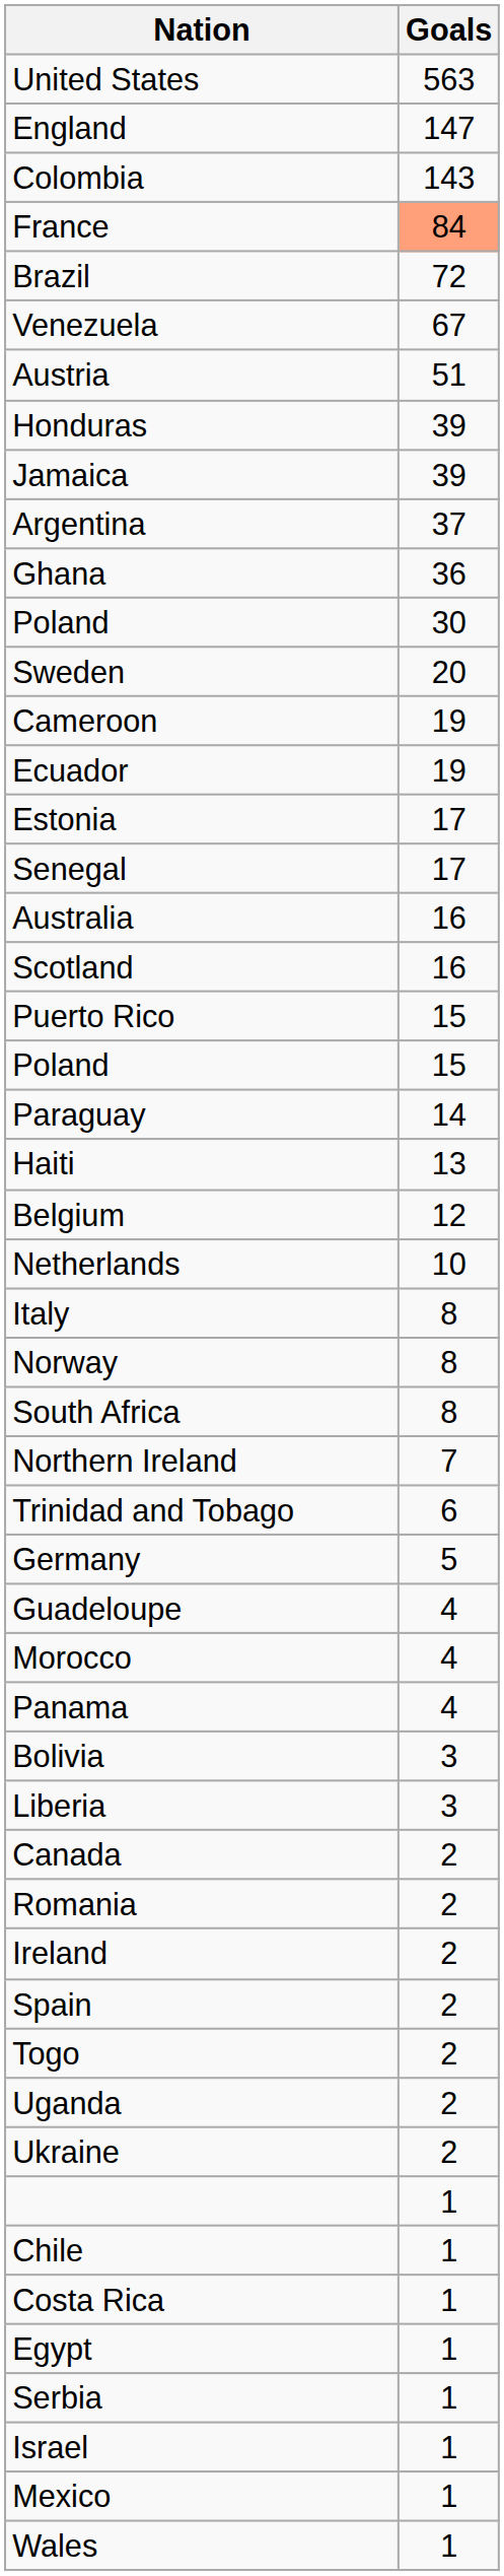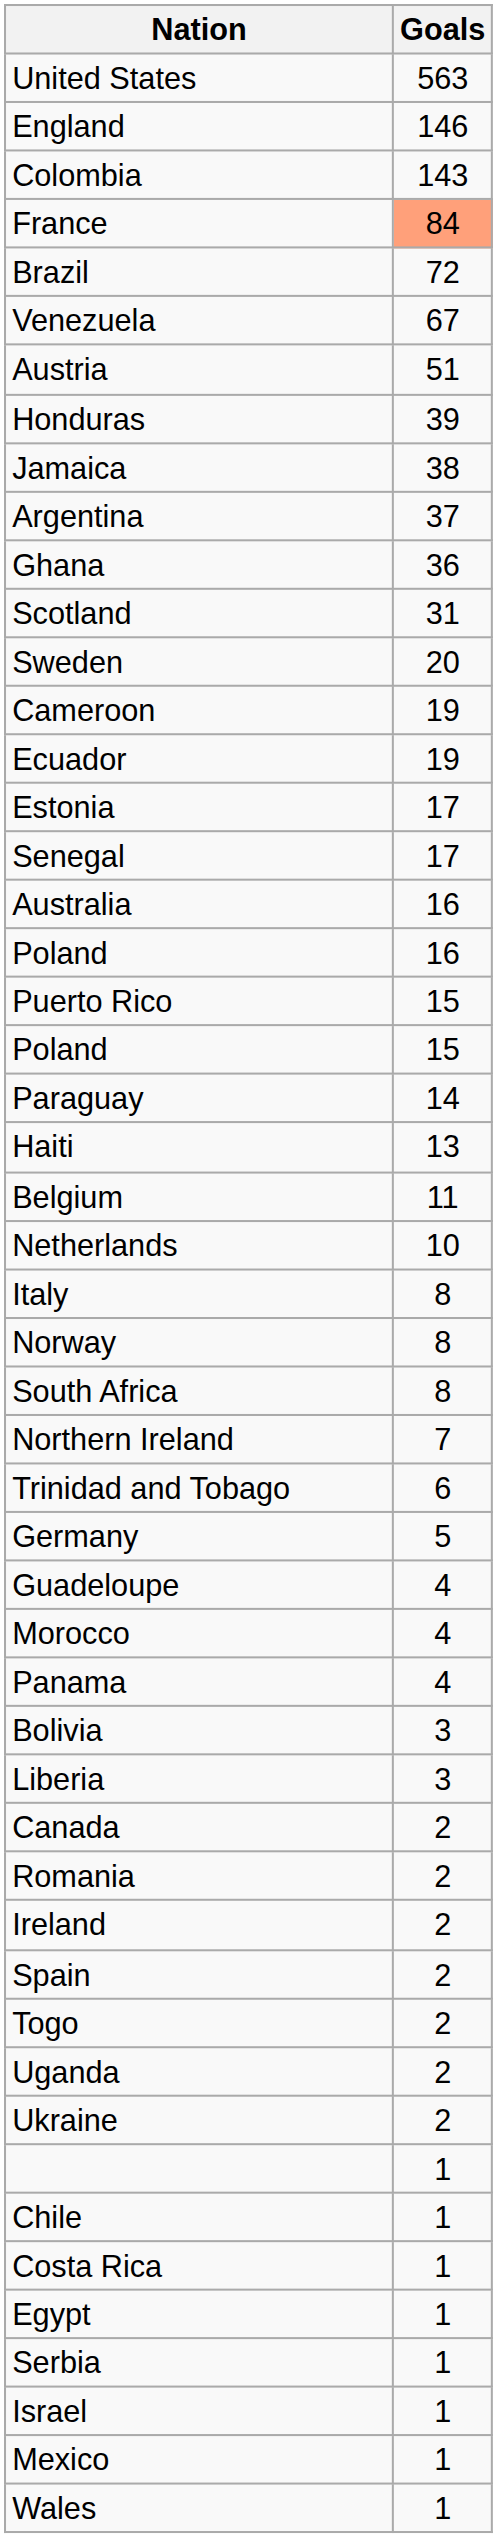 <table class="wikitable sortable" style="font-size: 95%; text-align: center;">
 <tr>
 <th width=185>Nation</th>
 <th width=30>Goals</th>
 </tr>
 <tr>
 <td align="left"> United States</td>
 <td>563</td>
 </tr>
 <tr>
 <td align="left"> England</td>
-<td>147</td>
+<td>146</td>
 </tr>
 <tr>
 <td align="left"> Colombia</td>
 <td>143</td>
 </tr>
 <tr>
 <td align="left"> France</td>
 <td style="background: lightsalmon;">84</td>
 </tr>
 <tr>
 <td align="left"> Brazil</td>
 <td>72</td>
 </tr>
 <tr>
 <td align="left"> Venezuela</td>
 <td>67</td>
 </tr>
 <tr>
 <td align="left"> Austria</td>
 <td>51</td>
 </tr>
 <tr>
 <td align="left"> Honduras</td>
 <td>39</td>
 </tr>
 <tr>
 <td align="left"> Jamaica</td>
-<td>39</td>
+<td>38</td>
 </tr>
 <tr>
 <td align="left"> Argentina</td>
 <td>37</td>
 </tr>
 <tr>
 <td align="left"> Ghana</td>
 <td>36</td>
 </tr>
 <tr>
-<td align="left"> Poland</td>
-<td>30</td>
+<td align="left"> Scotland</td>
+<td>31</td>
 </tr>
 <tr>
 <td align="left"> Sweden</td>
 <td>20</td>
 </tr>
 <tr>
 <td align="left"> Cameroon</td>
 <td>19</td>
 </tr>
 <tr>
 <td align="left"> Ecuador</td>
 <td>19</td>
 </tr>
 <tr>
 <td align="left"> Estonia</td>
 <td>17</td>
 </tr>
 <tr>
 <td align="left"> Senegal</td>
 <td>17</td>
 </tr>
 <tr>
 <td align="left"> Australia</td>
 <td>16</td>
 </tr>
 <tr>
-<td align="left"> Scotland</td>
+<td align="left"> Poland</td>
 <td>16</td>
 </tr>
 <tr>
 <td align="left"> Puerto Rico</td>
 <td>15</td>
 </tr>
 <tr>
 <td align="left"> Poland</td>
 <td>15</td>
 </tr>
 <tr>
 <td align="left"> Paraguay</td>
 <td>14</td>
 </tr>
 <tr>
 <td align="left"> Haiti</td>
 <td>13</td>
 </tr>
 <tr>
 <td align="left"> Belgium</td>
-<td>12</td>
+<td>11</td>
 </tr>
 <tr>
 <td align="left"> Netherlands</td>
 <td>10</td>
 </tr>
 <tr>
 <td align="left"> Italy</td>
 <td>8</td>
 </tr>
 <tr>
 <td align="left"> Norway</td>
 <td>8</td>
 </tr>
 <tr>
 <td align="left"> South Africa</td>
 <td>8</td>
 </tr>
 <tr>
 <td align="left"> Northern Ireland</td>
 <td>7</td>
 </tr>
 <tr>
 <td align="left"> Trinidad and Tobago</td>
 <td>6</td>
 </tr>
 <tr>
 <td align="left"> Germany</td>
 <td>5</td>
 </tr>
 <tr>
 <td align="left"> Guadeloupe</td>
 <td>4</td>
 </tr>
 <tr>
 <td align="left"> Morocco</td>
 <td>4</td>
 </tr>
 <tr>
 <td align="left"> Panama</td>
 <td>4</td>
 </tr>
 <tr>
 <td align="left"> Bolivia</td>
 <td>3</td>
 </tr>
 <tr>
 <td align="left"> Liberia</td>
 <td>3</td>
 </tr>
 <tr>
 <td align="left"> Canada</td>
 <td>2</td>
 </tr>
 <tr>
 <td align="left"> Romania</td>
 <td>2</td>
 </tr>
 <tr>
 <td align="left"> Ireland</td>
 <td>2</td>
 </tr>
 <tr>
 <td align="left"> Spain</td>
 <td>2</td>
 </tr>
 <tr>
 <td align="left"> Togo</td>
 <td>2</td>
 </tr>
 <tr>
 <td align="left"> Uganda</td>
 <td>2</td>
 </tr>
 <tr>
 <td align="left"> Ukraine</td>
 <td>2</td>
 </tr>
 <tr>
 <td align="left"></td>
 <td>1</td>
 </tr>
 <tr>
 <td align="left"> Chile</td>
 <td>1</td>
 </tr>
 <tr>
 <td align="left"> Costa Rica</td>
 <td>1</td>
 </tr>
 <tr>
 <td align="left"> Egypt</td>
 <td>1</td>
 </tr>
 <tr>
 <td align="left"> Serbia</td>
 <td>1</td>
 </tr>
 <tr>
 <td align="left"> Israel</td>
 <td>1</td>
 </tr>
 <tr>
 <td align="left"> Mexico</td>
 <td>1</td>
 </tr>
 <tr>
 <td align="left"> Wales</td>
 <td>1</td>
 </tr>
 </table>
